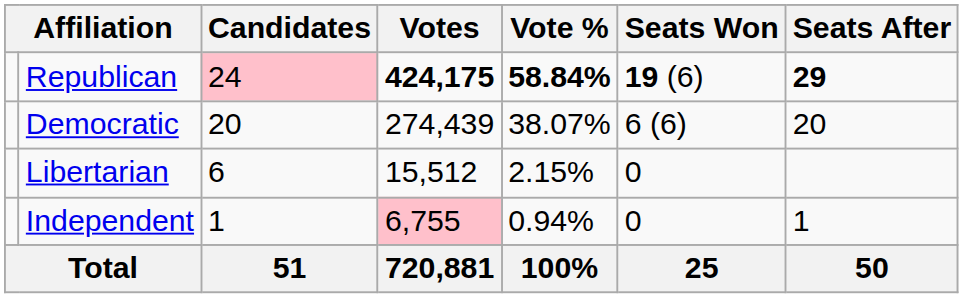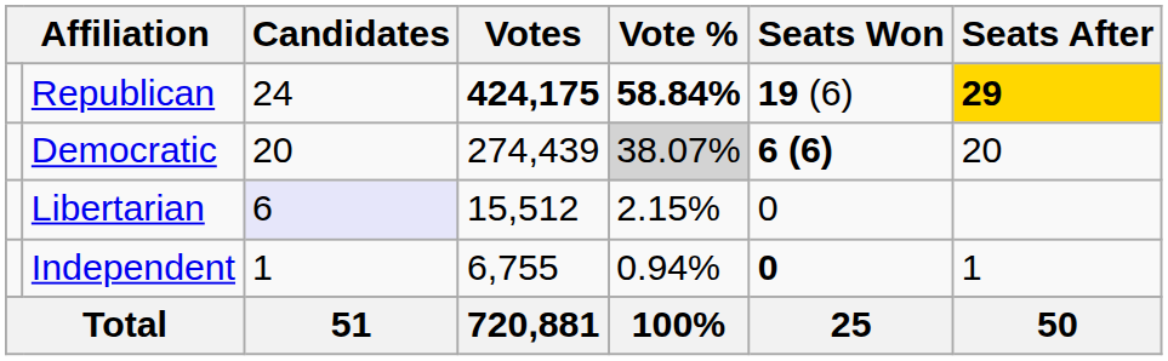 <table class="wikitable">
 <tr>
 <th colspan="2">Affiliation</th>
 <th>Candidates</th>
 <th>Votes</th>
 <th>Vote %</th>
 <th>Seats Won</th>
 <th>Seats After</th>
 </tr>
 <tr>
 <td style="background-color:"></td>
 <td><a href='#'>Republican</a></td>
-<td style="background: pink;">24</td>
+<td>24</td>
 <td><strong>424,175</strong></td>
 <td><strong>58.84%</strong></td>
 <td><strong>19</strong> (6)</td>
-<td><strong>29</strong></td>
+<td style="background: gold;"><strong>29</strong></td>
 </tr>
 <tr>
 <td style="background-color:"></td>
 <td><a href='#'>Democratic</a></td>
 <td>20</td>
 <td>274,439</td>
-<td>38.07%</td>
-<td>6 (6)</td>
+<td style="background: lightgrey;">38.07%</td>
+<td><strong>6 (6)</strong></td>
 <td>20</td>
 </tr>
 <tr>
 <td style="background-color:"></td>
 <td><a href='#'>Libertarian</a></td>
-<td>6</td>
+<td style="background: lavender;">6</td>
 <td>15,512</td>
 <td>2.15%</td>
 <td>0</td>
 <td></td>
 </tr>
 <tr>
 <td style="background-color:"></td>
 <td><a href='#'>Independent</a></td>
 <td>1</td>
-<td style="background: pink;">6,755</td>
+<td>6,755</td>
 <td>0.94%</td>
-<td>0</td>
+<td><strong>0</strong></td>
 <td>1</td>
 </tr>
 <tr>
 <th colspan="2">Total</th>
 <th>51</th>
 <th>720,881</th>
 <th>100%</th>
 <th>25</th>
 <th>50</th>
 </tr>
 </table>
